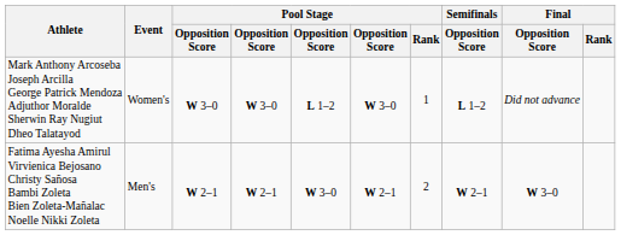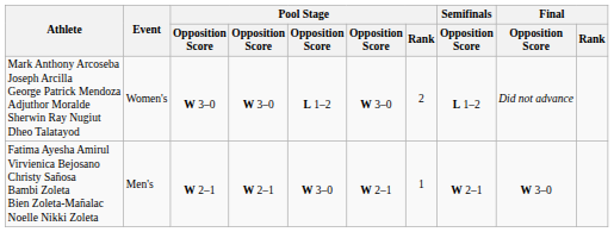 <table class="wikitable" style="font-size:90%">
 <tr>
 <th rowspan=2>Athlete</th>
 <th rowspan=2>Event</th>
 <th colspan=5>Pool Stage</th>
 <th>Semifinals</th>
 <th colspan=2>Final</th>
 </tr>
 <tr style="font-size:95">
 <th>Opposition<br>Score</th>
 <th>Opposition<br>Score</th>
 <th>Opposition<br>Score</th>
 <th>Opposition<br>Score</th>
 <th>Rank</th>
 <th>Opposition<br>Score</th>
 <th>Opposition<br>Score</th>
 <th>Rank</th>
 </tr>
 <tr align=center>
 <td align=left>Mark Anthony Arcoseba<br>Joseph Arcilla<br>George Patrick Mendoza<br>Adjuthor Moralde<br>Sherwin Ray Nugiut<br>Dheo Talatayod</td>
 <td align=left>Women's</td>
 <td><br><strong>W</strong> 3–0</td>
 <td><br><strong>W</strong> 3–0</td>
 <td><br><strong>L</strong> 1–2</td>
 <td><br><strong>W</strong> 3–0</td>
-<td>1</td>
+<td>2</td>
 <td><br><strong>L</strong> 1–2</td>
 <td><em>Did not advance</em></td>
 <td></td>
 </tr>
 <tr align=center>
 <td align=left>Fatima Ayesha Amirul<br>Virvienica Bejosano<br>Christy Sañosa<br>Bambi Zoleta<br>Bien Zoleta-Mañalac<br>Noelle Nikki Zoleta</td>
 <td align=left>Men's</td>
 <td><br><strong>W</strong> 2–1</td>
 <td><br><strong>W</strong> 2–1</td>
 <td><br><strong>W</strong> 3–0</td>
 <td><br><strong>W</strong> 2–1</td>
-<td>2</td>
+<td>1</td>
 <td><br><strong>W</strong> 2–1</td>
 <td><br><strong>W</strong> 3–0</td>
 <td></td>
 </tr>
 </table>
